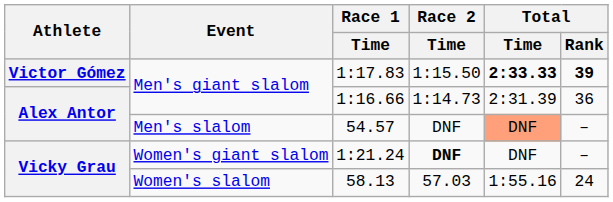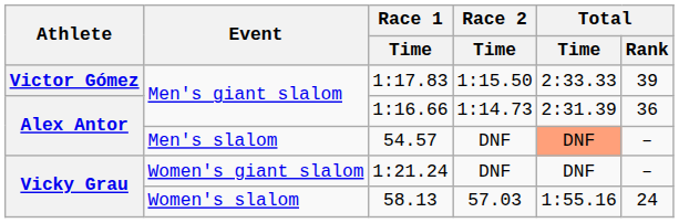 <table class="wikitable" style="font-size:90%">
 <tr>
 <th rowspan="2">Athlete</th>
 <th rowspan="2">Event</th>
 <th>Race 1</th>
 <th>Race 2</th>
 <th colspan="2">Total</th>
 </tr>
 <tr>
 <th>Time</th>
 <th>Time</th>
 <th>Time</th>
 <th>Rank</th>
 </tr>
 <tr>
 <th rowspan=1><a href='#'>Victor Gómez</a></th>
 <td rowspan="2"><a href='#'>Men's giant slalom</a></td>
 <td align="center">1:17.83</td>
 <td align="center">1:15.50</td>
-<td align="center"><strong>2:33.33</strong></td>
-<td align="center"><strong>39</strong></td>
+<td align="center">2:33.33</td>
+<td align="center">39</td>
 </tr>
 <tr>
 <th rowspan=2><a href='#'>Alex Antor</a></th>
 <td align="center">1:16.66</td>
 <td align="center">1:14.73</td>
 <td align="center">2:31.39</td>
 <td align="center">36</td>
 </tr>
 <tr>
 <td><a href='#'>Men's slalom</a></td>
 <td align="center">54.57</td>
 <td align="center">DNF</td>
 <td align="center" style="background: lightsalmon;">DNF</td>
 <td align="center">–</td>
 </tr>
 <tr>
 <th rowspan=2><a href='#'>Vicky Grau</a></th>
 <td><a href='#'> Women's giant slalom</a></td>
 <td align="center">1:21.24</td>
-<td align="center"><strong>DNF</strong></td>
+<td align="center">DNF</td>
 <td align="center">DNF</td>
 <td align="center">–</td>
 </tr>
 <tr>
 <td><a href='#'>Women's slalom</a></td>
 <td align="center">58.13</td>
 <td align="center">57.03</td>
 <td align="center">1:55.16</td>
 <td align="center">24</td>
 </tr>
 </table>
